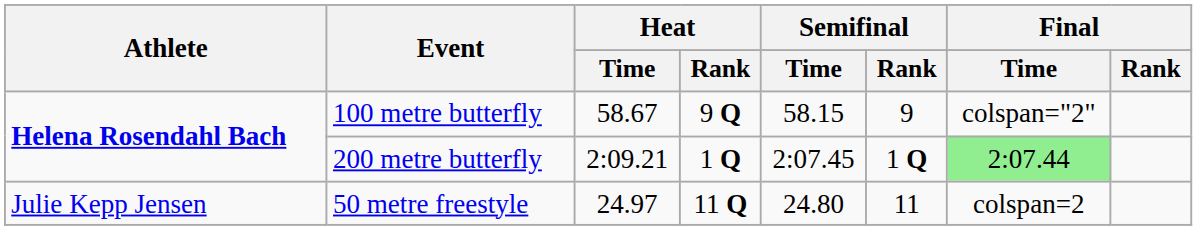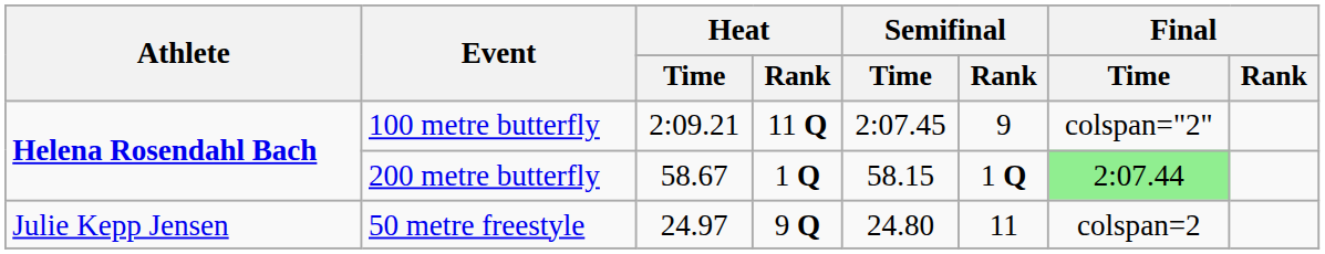 <table class="wikitable" style="text-align:center; font-size:90%; width:50%;">
 <tr>
 <th rowspan="2">Athlete</th>
 <th rowspan="2">Event</th>
 <th colspan="2">Heat</th>
 <th colspan="2">Semifinal</th>
 <th colspan="2">Final</th>
 </tr>
 <tr style="font-size:95%">
 <th>Time</th>
 <th>Rank</th>
 <th>Time</th>
 <th>Rank</th>
 <th>Time</th>
 <th>Rank</th>
 </tr>
 <tr>
 <td align=left rowspan=2><strong><a href='#'>Helena Rosendahl Bach</a></strong></td>
 <td align=left><a href='#'>100 metre butterfly</a></td>
-<td>58.67</td>
-<td>9 <strong>Q</strong></td>
-<td>58.15</td>
+<td>2:09.21</td>
+<td>11 <strong>Q</strong></td>
+<td>2:07.45</td>
 <td>9</td>
 <td>colspan="2" </td>
 </tr>
 <tr>
 <td align=left><a href='#'>200 metre butterfly</a></td>
-<td>2:09.21</td>
+<td>58.67</td>
 <td>1 <strong>Q</strong></td>
-<td>2:07.45</td>
+<td>58.15</td>
 <td>1 <strong>Q</strong></td>
 <td style="background: lightgreen;">2:07.44</td>
 <td></td>
 </tr>
 <tr>
 <td align=left><a href='#'>Julie Kepp Jensen</a></td>
 <td align=left><a href='#'>50 metre freestyle</a></td>
 <td>24.97</td>
-<td>11 <strong>Q</strong></td>
+<td>9 <strong>Q</strong></td>
 <td>24.80</td>
 <td>11</td>
 <td>colspan=2 </td>
 </tr>
 </table>
